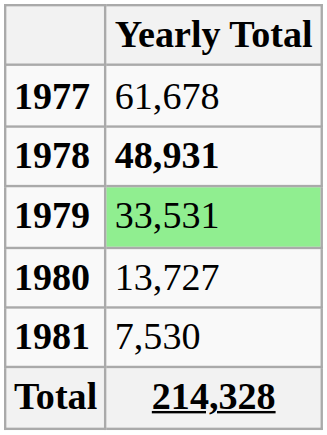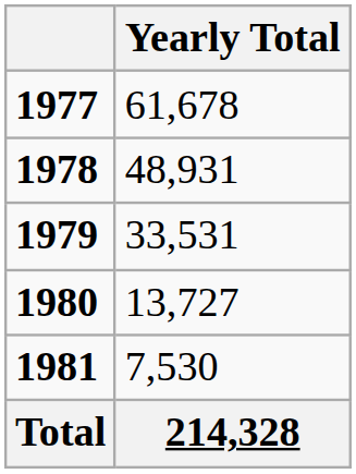 <table class="wikitable">
 <tr>
 <th></th>
 <th>Yearly Total</th>
 </tr>
 <tr>
 <td><strong>1977</strong></td>
 <td>61,678</td>
 </tr>
 <tr>
 <td><strong>1978</strong></td>
-<td><strong>48,931</strong></td>
+<td>48,931</td>
 </tr>
 <tr>
 <td><strong>1979</strong></td>
-<td style="background: lightgreen;">33,531</td>
+<td>33,531</td>
 </tr>
 <tr>
 <td><strong>1980</strong></td>
 <td>13,727</td>
 </tr>
 <tr>
 <td><strong>1981</strong></td>
 <td>7,530</td>
 </tr>
 <tr>
 <th><strong>Total</strong></th>
 <th><strong><u>214,328</u></strong></th>
 </tr>
 </table>
